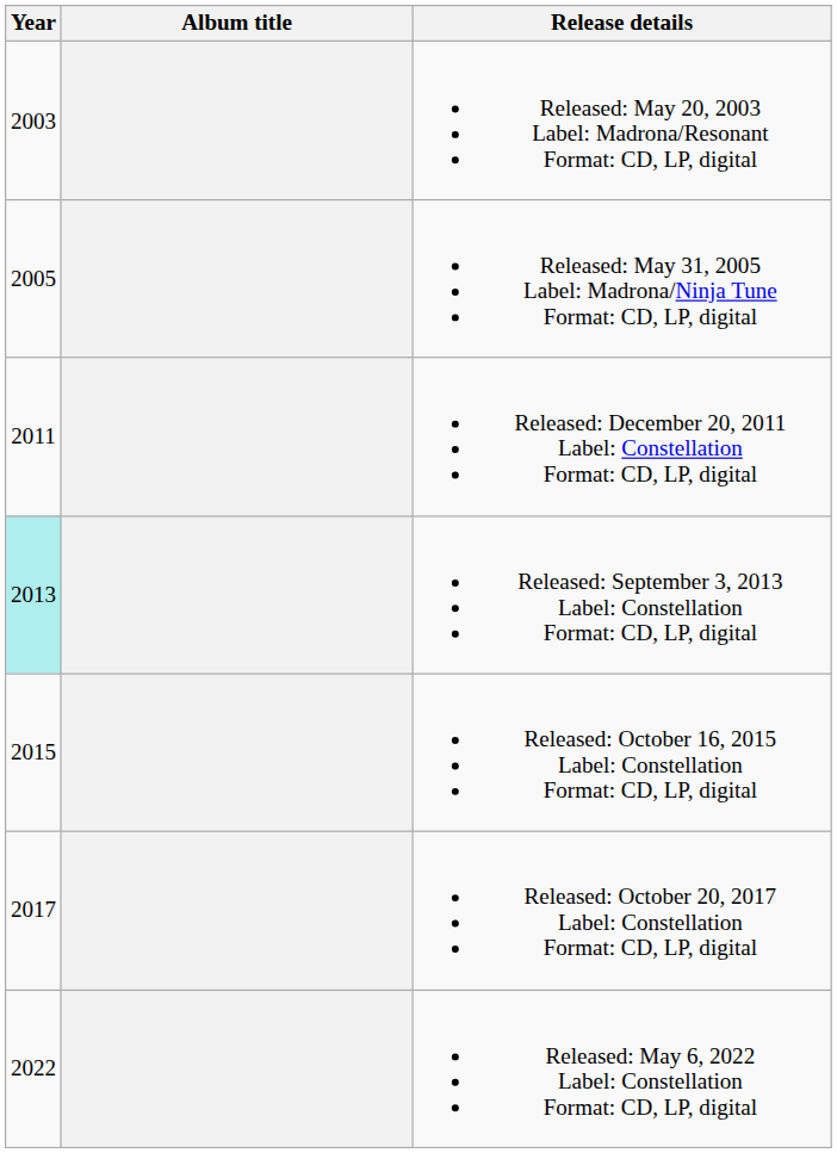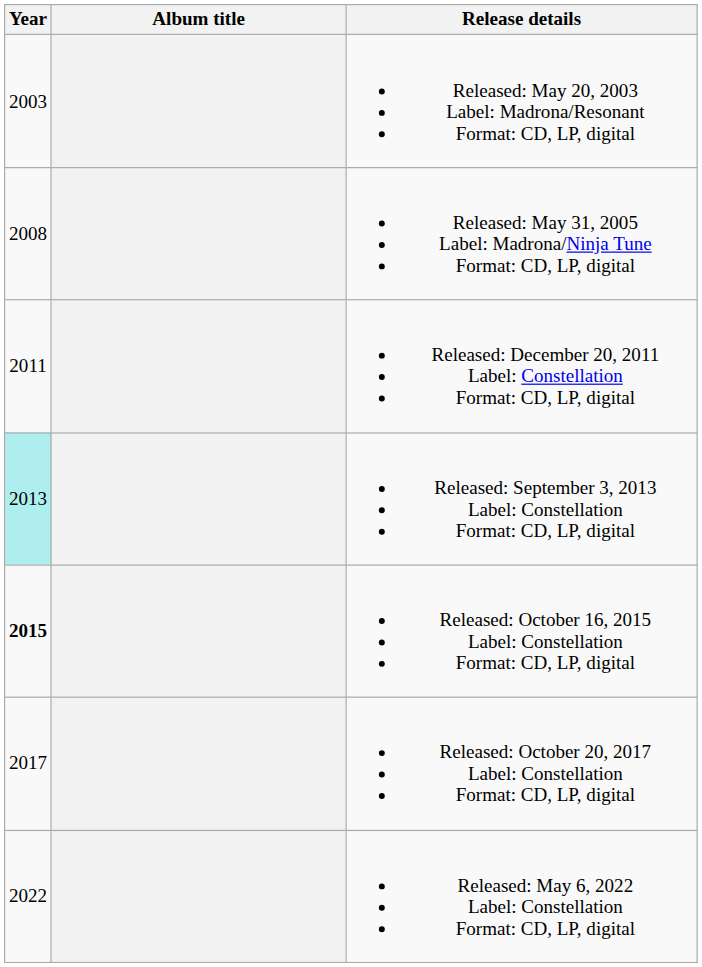 <table class="wikitable plainrowheaders" style="text-align:center;">
 <tr>
 <th>Year</th>
 <th scope="col" rowspan="1" style="width:15em;">Album title</th>
 <th scope="col" rowspan="1" style="width:18em;">Release details</th>
 </tr>
 <tr>
 <td>2003</td>
 <th></th>
 <td><br><ul><li>Released: May 20, 2003</li><li>Label: Madrona/Resonant</li><li>Format: CD, LP, digital</li></ul></td>
 </tr>
 <tr>
-<td>2005</td>
+<td>2008</td>
 <th></th>
 <td><br><ul><li>Released: May 31, 2005</li><li>Label: Madrona/<a href='#'>Ninja Tune</a></li><li>Format: CD, LP, digital</li></ul></td>
 </tr>
 <tr>
 <td>2011</td>
 <th></th>
 <td><br><ul><li>Released: December 20, 2011</li><li>Label: <a href='#'>Constellation</a></li><li>Format: CD, LP, digital</li></ul></td>
 </tr>
 <tr>
 <td style="background: paleturquoise;">2013</td>
 <th></th>
 <td><br><ul><li>Released: September 3, 2013</li><li>Label: Constellation</li><li>Format: CD, LP, digital</li></ul></td>
 </tr>
 <tr>
-<td>2015</td>
+<td><strong>2015</strong></td>
 <th></th>
 <td><br><ul><li>Released: October 16, 2015</li><li>Label: Constellation</li><li>Format: CD, LP, digital</li></ul></td>
 </tr>
 <tr>
 <td>2017</td>
 <th><strong></strong></th>
 <td><br><ul><li>Released: October 20, 2017</li><li>Label: Constellation</li><li>Format: CD, LP, digital</li></ul></td>
 </tr>
 <tr>
 <td>2022</td>
 <th></th>
 <td><br><ul><li>Released: May 6, 2022</li><li>Label: Constellation</li><li>Format: CD, LP, digital</li></ul></td>
 </tr>
 <tr>
 </tr>
 </table>
